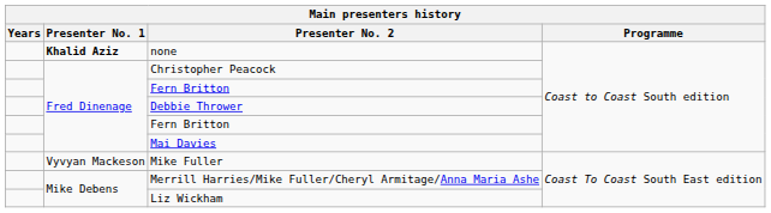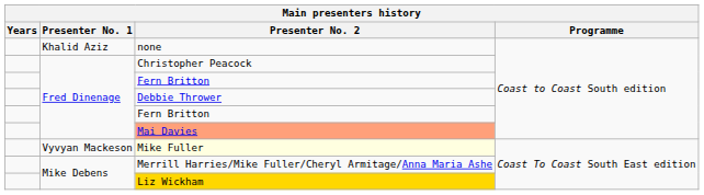 <table class="wikitable collapsible collapsed" style="font-size:90%;">
 <tr>
 <th colspan=5>Main presenters history</th>
 </tr>
 <tr>
 <th>Years</th>
 <th>Presenter No. 1</th>
 <th>Presenter No. 2</th>
 <th>Programme</th>
 </tr>
 <tr>
 <td></td>
-<td><strong>Khalid Aziz</strong></td>
+<td>Khalid Aziz</td>
 <td>none</td>
 <td rowspan=6><em>Coast to Coast</em> South edition</td>
 </tr>
 <tr>
 <td></td>
 <td rowspan=5><a href='#'>Fred Dinenage</a></td>
 <td>Christopher Peacock</td>
 </tr>
 <tr>
 <td></td>
 <td><a href='#'>Fern Britton</a></td>
 </tr>
 <tr>
 <td></td>
 <td><a href='#'>Debbie Thrower</a></td>
 </tr>
 <tr>
 <td></td>
 <td>Fern Britton</td>
 </tr>
 <tr>
 <td></td>
-<td><a href='#'>Mai Davies</a></td>
+<td style="background: lightsalmon;"><a href='#'>Mai Davies</a></td>
 </tr>
 <tr>
 <td></td>
 <td>Vyvyan Mackeson</td>
-<td>Mike Fuller</td>
+<td style="background: lightyellow;">Mike Fuller</td>
 <td rowspan=3><em>Coast To Coast</em> South East edition</td>
 </tr>
 <tr>
 <td></td>
 <td rowspan=2>Mike Debens</td>
 <td>Merrill Harries/Mike Fuller/Cheryl Armitage/<a href='#'>Anna Maria Ashe</a></td>
 </tr>
 <tr>
 <td></td>
-<td>Liz Wickham</td>
+<td style="background: gold;">Liz Wickham</td>
 </tr>
 </table>
